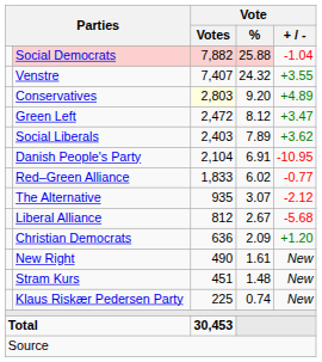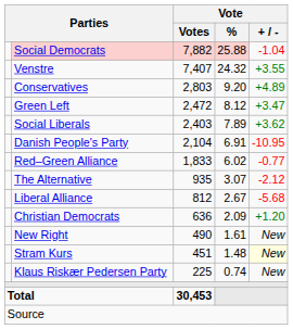 <table class="wikitable" style="text-align:right;">
 <tr>
 <th style="text-align:centre;" rowspan="2" colspan="2" width="225">Parties</th>
 <th colspan="3">Vote</th>
 </tr>
 <tr>
 <th width="15">Votes</th>
 <th width="15">%</th>
 <th width="15">+ / -</th>
 </tr>
 <tr>
 <td width="2" style="color:inherit;background:"></td>
 <td bgcolor=#fbd0ce  align="left"><a href='#'>Social Democrats</a></td>
 <td bgcolor=#fbd0ce>7,882</td>
 <td bgcolor=#fbd0ce>25.88</td>
 <td style=color:red;>-1.04</td>
 </tr>
 <tr>
 <td width="2" style="color:inherit;background:"></td>
 <td align="left"><a href='#'>Venstre</a></td>
 <td>7,407</td>
 <td>24.32</td>
 <td style=color:green;>+3.55</td>
 </tr>
 <tr>
 <td width="2" style="color:inherit;background:"></td>
 <td align="left"><a href='#'>Conservatives</a></td>
-<td style="background: lightyellow;">2,803</td>
+<td>2,803</td>
 <td>9.20</td>
 <td style=color:green;>+4.89</td>
 </tr>
 <tr>
 <td width="2" style="color:inherit;background:"></td>
 <td align="left"><a href='#'>Green Left</a></td>
 <td>2,472</td>
 <td>8.12</td>
 <td style=color:green;>+3.47</td>
 </tr>
 <tr>
 <td width="2" style="color:inherit;background:"></td>
 <td align="left"><a href='#'>Social Liberals</a></td>
 <td>2,403</td>
 <td>7.89</td>
 <td style=color:green;>+3.62</td>
 </tr>
 <tr>
 <td width="2" style="color:inherit;background:"></td>
 <td align="left"><a href='#'>Danish People's Party</a></td>
 <td>2,104</td>
 <td>6.91</td>
 <td style=color:red;>-10.95</td>
 </tr>
 <tr>
 <td width="2" style="color:inherit;background:"></td>
 <td align="left"><a href='#'>Red–Green Alliance</a></td>
 <td>1,833</td>
 <td>6.02</td>
 <td style=color:red;>-0.77</td>
 </tr>
 <tr>
 <td width="2" style="color:inherit;background:"></td>
 <td align="left"><a href='#'>The Alternative</a></td>
 <td>935</td>
 <td>3.07</td>
 <td style=color:red;>-2.12</td>
 </tr>
 <tr>
 <td width="2" style="color:inherit;background:"></td>
 <td align="left"><a href='#'>Liberal Alliance</a></td>
 <td>812</td>
 <td>2.67</td>
 <td style=color:red;>-5.68</td>
 </tr>
 <tr>
 <td width="2" style="color:inherit;background:"></td>
 <td align="left"><a href='#'>Christian Democrats</a></td>
 <td>636</td>
 <td>2.09</td>
 <td style=color:green;>+1.20</td>
 </tr>
 <tr>
 <td width="2" style="color:inherit;background:"></td>
 <td align="left"><a href='#'>New Right</a></td>
 <td>490</td>
 <td>1.61</td>
 <td><em>New</em></td>
 </tr>
 <tr>
 <td width="2" style="color:inherit;background:"></td>
 <td align="left"><a href='#'>Stram Kurs</a></td>
 <td>451</td>
 <td>1.48</td>
-<td><em>New</em></td>
+<td style="background: lightyellow;"><em>New</em></td>
 </tr>
 <tr>
 <td width="2" style="color:inherit;background:"></td>
 <td align="left"><a href='#'>Klaus Riskær Pedersen Party</a></td>
 <td>225</td>
 <td>0.74</td>
 <td><em>New</em></td>
 </tr>
 <tr>
 <td colspan="7" bgcolor="#E9E9E9"></td>
 </tr>
 <tr>
 <td align="left" colspan="2"><strong>Total</strong></td>
 <td><strong>30,453</strong></td>
 <td bgcolor="#E9E9E9" colspan="2"></td>
 </tr>
 <tr>
 <td align="left" colspan="6">Source</td>
 </tr>
 </table>
